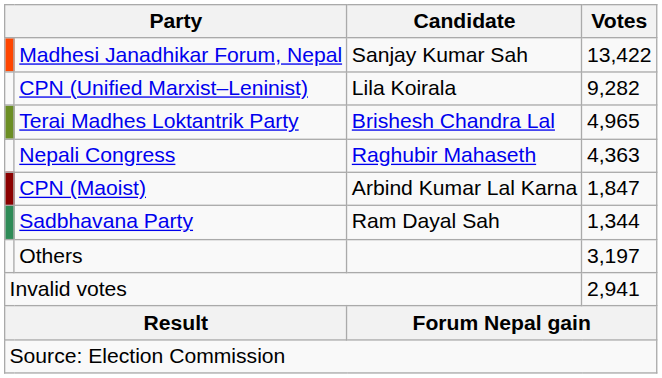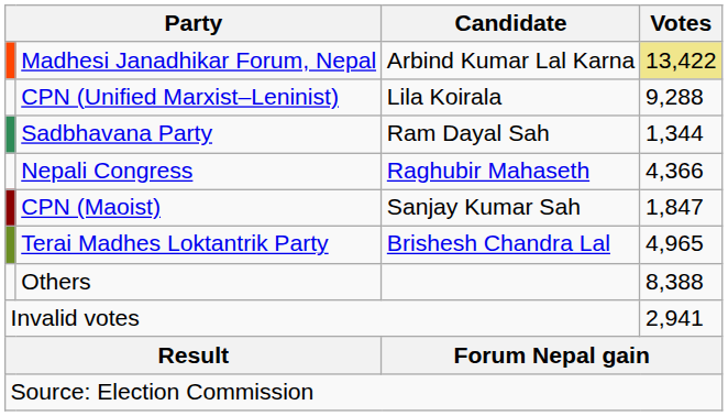 <table class="wikitable">
 <tr>
 <th colspan="2">Party</th>
 <th>Candidate</th>
 <th>Votes</th>
 </tr>
 <tr>
 <td style="background-color:orangered"></td>
 <td><a href='#'>Madhesi Janadhikar Forum, Nepal</a></td>
-<td>Sanjay Kumar Sah</td>
-<td>13,422</td>
+<td>Arbind Kumar Lal Karna</td>
+<td style="background: khaki;">13,422</td>
 </tr>
 <tr>
 <td style="background-color:"></td>
 <td><a href='#'>CPN (Unified Marxist–Leninist)</a></td>
 <td>Lila Koirala</td>
-<td>9,282</td>
+<td>9,288</td>
+</tr>
+<tr>
+<td style="background-color:seagreen"></td>
+<td><a href='#'>Sadbhavana Party</a></td>
+<td>Ram Dayal Sah</td>
+<td>1,344</td>
+</tr>
+<tr>
+<td style="background-color:"></td>
+<td><a href='#'>Nepali Congress</a></td>
+<td><a href='#'>Raghubir Mahaseth</a></td>
+<td>4,366</td>
+</tr>
+<tr>
+<td style="background-color:darkred"></td>
+<td><a href='#'>CPN (Maoist)</a></td>
+<td>Sanjay Kumar Sah</td>
+<td>1,847</td>
 </tr>
 <tr>
 <td style="background-color:olivedrab"></td>
 <td><a href='#'>Terai Madhes Loktantrik Party</a></td>
 <td><a href='#'>Brishesh Chandra Lal</a></td>
 <td>4,965</td>
 </tr>
 <tr>
-<td style="background-color:"></td>
-<td><a href='#'>Nepali Congress</a></td>
-<td><a href='#'>Raghubir Mahaseth</a></td>
-<td>4,363</td>
-</tr>
-<tr>
-<td style="background-color:darkred"></td>
-<td><a href='#'>CPN (Maoist)</a></td>
-<td>Arbind Kumar Lal Karna</td>
-<td>1,847</td>
-</tr>
-<tr>
-<td style="background-color:seagreen"></td>
-<td><a href='#'>Sadbhavana Party</a></td>
-<td>Ram Dayal Sah</td>
-<td>1,344</td>
-</tr>
-<tr>
 <td></td>
 <td>Others</td>
 <td></td>
-<td>3,197</td>
+<td>8,388</td>
 </tr>
 <tr>
 <td colspan="3">Invalid votes</td>
 <td>2,941</td>
 </tr>
 <tr>
 <th colspan="2">Result</th>
 <th colspan="2">Forum Nepal gain</th>
 </tr>
 <tr>
 <td colspan="4">Source: Election Commission</td>
 </tr>
 </table>
